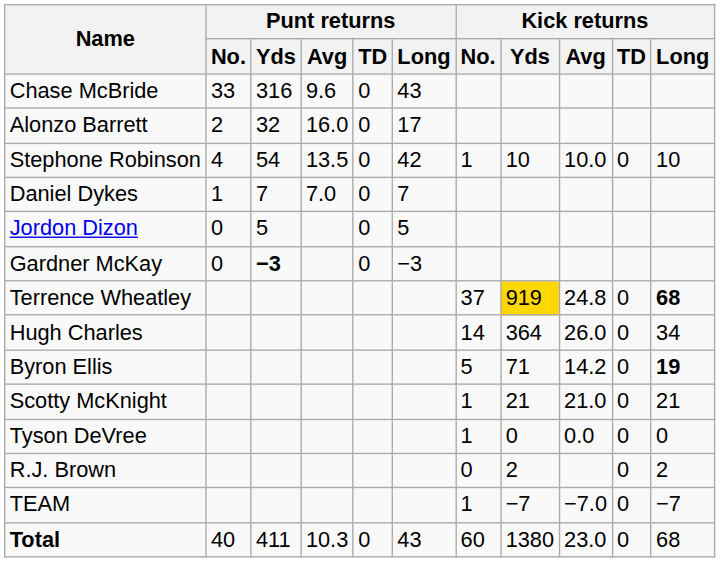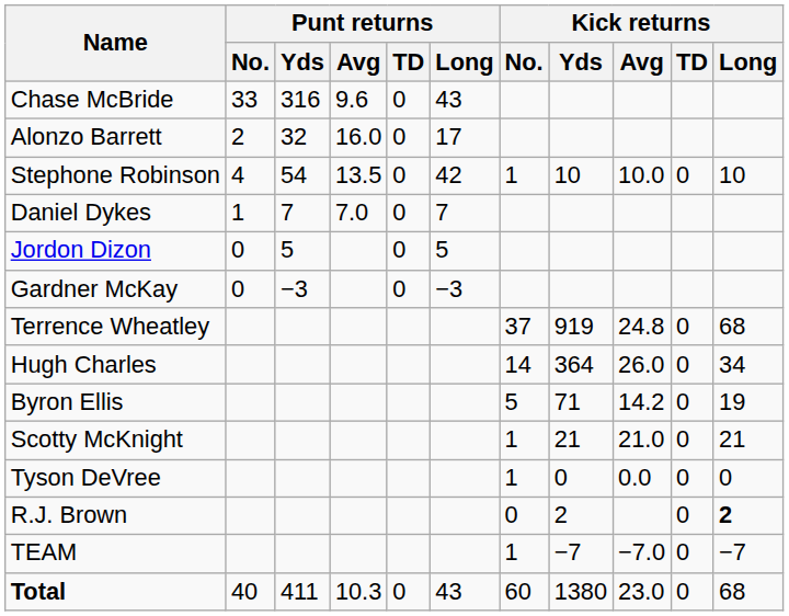 <table class="wikitable" style="white-space:nowrap;">
 <tr>
 <th rowspan="2">Name</th>
 <th colspan="5">Punt returns</th>
 <th colspan="5">Kick returns</th>
 </tr>
 <tr>
 <th>No.</th>
 <th>Yds</th>
 <th>Avg</th>
 <th>TD</th>
 <th>Long</th>
 <th>No.</th>
 <th>Yds</th>
 <th>Avg</th>
 <th>TD</th>
 <th>Long</th>
 </tr>
 <tr>
 <td>Chase McBride</td>
 <td>33</td>
 <td>316</td>
 <td>9.6</td>
 <td>0</td>
 <td>43</td>
 <td></td>
 <td></td>
 <td></td>
 <td></td>
 <td></td>
 </tr>
 <tr>
 <td>Alonzo Barrett</td>
 <td>2</td>
 <td>32</td>
 <td>16.0</td>
 <td>0</td>
 <td>17</td>
 <td></td>
 <td></td>
 <td></td>
 <td></td>
 <td></td>
 </tr>
 <tr>
 <td>Stephone Robinson</td>
 <td>4</td>
 <td>54</td>
 <td>13.5</td>
 <td>0</td>
 <td>42</td>
 <td>1</td>
 <td>10</td>
 <td>10.0</td>
 <td>0</td>
 <td>10</td>
 </tr>
 <tr>
 <td>Daniel Dykes</td>
 <td>1</td>
 <td>7</td>
 <td>7.0</td>
 <td>0</td>
 <td>7</td>
 <td></td>
 <td></td>
 <td></td>
 <td></td>
 <td></td>
 </tr>
 <tr>
 <td><a href='#'>Jordon Dizon</a></td>
 <td>0</td>
 <td>5</td>
 <td></td>
 <td>0</td>
 <td>5</td>
 <td></td>
 <td></td>
 <td></td>
 <td></td>
 <td></td>
 </tr>
 <tr>
 <td>Gardner McKay</td>
 <td>0</td>
-<td><strong>−3</strong></td>
+<td>−3</td>
 <td></td>
 <td>0</td>
 <td>−3</td>
 <td></td>
 <td></td>
 <td></td>
 <td></td>
 <td></td>
 </tr>
 <tr>
 <td>Terrence Wheatley</td>
 <td></td>
 <td></td>
 <td></td>
 <td></td>
 <td></td>
 <td>37</td>
-<td style="background: gold;">919</td>
+<td>919</td>
 <td>24.8</td>
 <td>0</td>
-<td><strong>68</strong></td>
+<td>68</td>
 </tr>
 <tr>
 <td>Hugh Charles</td>
 <td></td>
 <td></td>
 <td></td>
 <td></td>
 <td></td>
 <td>14</td>
 <td>364</td>
 <td>26.0</td>
 <td>0</td>
 <td>34</td>
 </tr>
 <tr>
 <td>Byron Ellis</td>
 <td></td>
 <td></td>
 <td></td>
 <td></td>
 <td></td>
 <td>5</td>
 <td>71</td>
 <td>14.2</td>
 <td>0</td>
-<td><strong>19</strong></td>
+<td>19</td>
 </tr>
 <tr>
 <td>Scotty McKnight</td>
 <td></td>
 <td></td>
 <td></td>
 <td></td>
 <td></td>
 <td>1</td>
 <td>21</td>
 <td>21.0</td>
 <td>0</td>
 <td>21</td>
 </tr>
 <tr>
 <td>Tyson DeVree</td>
 <td></td>
 <td></td>
 <td></td>
 <td></td>
 <td></td>
 <td>1</td>
 <td>0</td>
 <td>0.0</td>
 <td>0</td>
 <td>0</td>
 </tr>
 <tr>
 <td>R.J. Brown</td>
 <td></td>
 <td></td>
 <td></td>
 <td></td>
 <td></td>
 <td>0</td>
 <td>2</td>
 <td></td>
 <td>0</td>
-<td>2</td>
+<td><strong>2</strong></td>
 </tr>
 <tr>
 <td>TEAM</td>
 <td></td>
 <td></td>
 <td></td>
 <td></td>
 <td></td>
 <td>1</td>
 <td>−7</td>
 <td>−7.0</td>
 <td>0</td>
 <td>−7</td>
 </tr>
 <tr>
 <td><strong>Total</strong></td>
 <td>40</td>
 <td>411</td>
 <td>10.3</td>
 <td>0</td>
 <td>43</td>
 <td>60</td>
 <td>1380</td>
 <td>23.0</td>
 <td>0</td>
 <td>68</td>
 </tr>
 </table>
